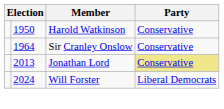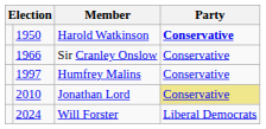 <table class="wikitable">
 <tr>
 <th colspan="2">Election</th>
 <th>Member</th>
 <th>Party</th>
 </tr>
 <tr>
 <td style="color:inherit;background-color: "></td>
 <td><a href='#'>1950</a></td>
 <td><a href='#'>Harold Watkinson</a></td>
-<td><a href='#'>Conservative</a></td>
+<td><strong><a href='#'>Conservative</a></strong></td>
 </tr>
 <tr>
 <td style="color:inherit;background-color: "></td>
-<td><a href='#'>1964</a></td>
+<td><a href='#'>1966</a></td>
 <td>Sir <a href='#'>Cranley Onslow</a></td>
 <td><a href='#'>Conservative</a></td>
 </tr>
 <tr>
 <td style="color:inherit;background-color: "></td>
-<td><a href='#'>2013</a></td>
+<td><a href='#'>1997</a></td>
+<td><a href='#'>Humfrey Malins</a></td>
+<td><a href='#'>Conservative</a></td>
+</tr>
+<tr>
+<td style="color:inherit;background-color: "></td>
+<td><a href='#'>2010</a></td>
 <td><a href='#'>Jonathan Lord</a></td>
 <td style="background: khaki;"><a href='#'>Conservative</a></td>
 </tr>
 <tr>
 <td style="color:inherit;background-color: "></td>
 <td><a href='#'>2024</a></td>
 <td><a href='#'>Will Forster</a></td>
 <td><a href='#'>Liberal Democrats</a></td>
 </tr>
 </table>
